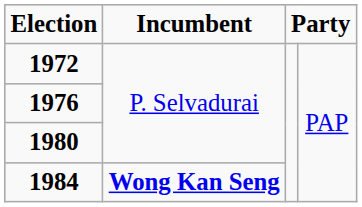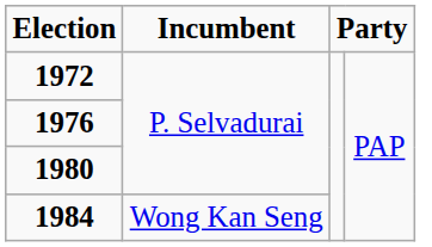 <table class="wikitable" align="center" style="text-align:center">
 <tr>
 <td><strong>Election </strong></td>
 <td><strong>Incumbent</strong></td>
 <td colspan="2"><strong>Party</strong></td>
 </tr>
 <tr>
 <td><strong>1972</strong></td>
 <td rowspan="3"><a href='#'>P. Selvadurai</a></td>
 <td rowspan="4"></td>
 <td rowspan="4"><a href='#'>PAP</a></td>
 </tr>
 <tr>
 <td><strong>1976</strong></td>
 </tr>
 <tr>
 <td><strong>1980</strong></td>
 </tr>
 <tr>
 <td><strong>1984</strong></td>
-<td><strong><a href='#'>Wong Kan Seng</a></strong></td>
+<td><a href='#'>Wong Kan Seng</a></td>
 </tr>
 </table>
